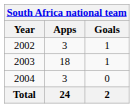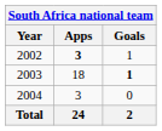 <table class="wikitable" style="text-align:center">
 <tr>
 <th colspan=3><a href='#'>South Africa national team</a></th>
 </tr>
 <tr>
 <th>Year</th>
 <th>Apps</th>
 <th>Goals</th>
 </tr>
 <tr>
 <td>2002</td>
-<td>3</td>
+<td><strong>3</strong></td>
 <td>1</td>
 </tr>
 <tr>
 <td>2003</td>
 <td>18</td>
-<td>1</td>
+<td><strong>1</strong></td>
 </tr>
 <tr>
 <td>2004</td>
 <td>3</td>
 <td>0</td>
 </tr>
 <tr>
 <th>Total</th>
 <th>24</th>
 <th>2</th>
 </tr>
 </table>
